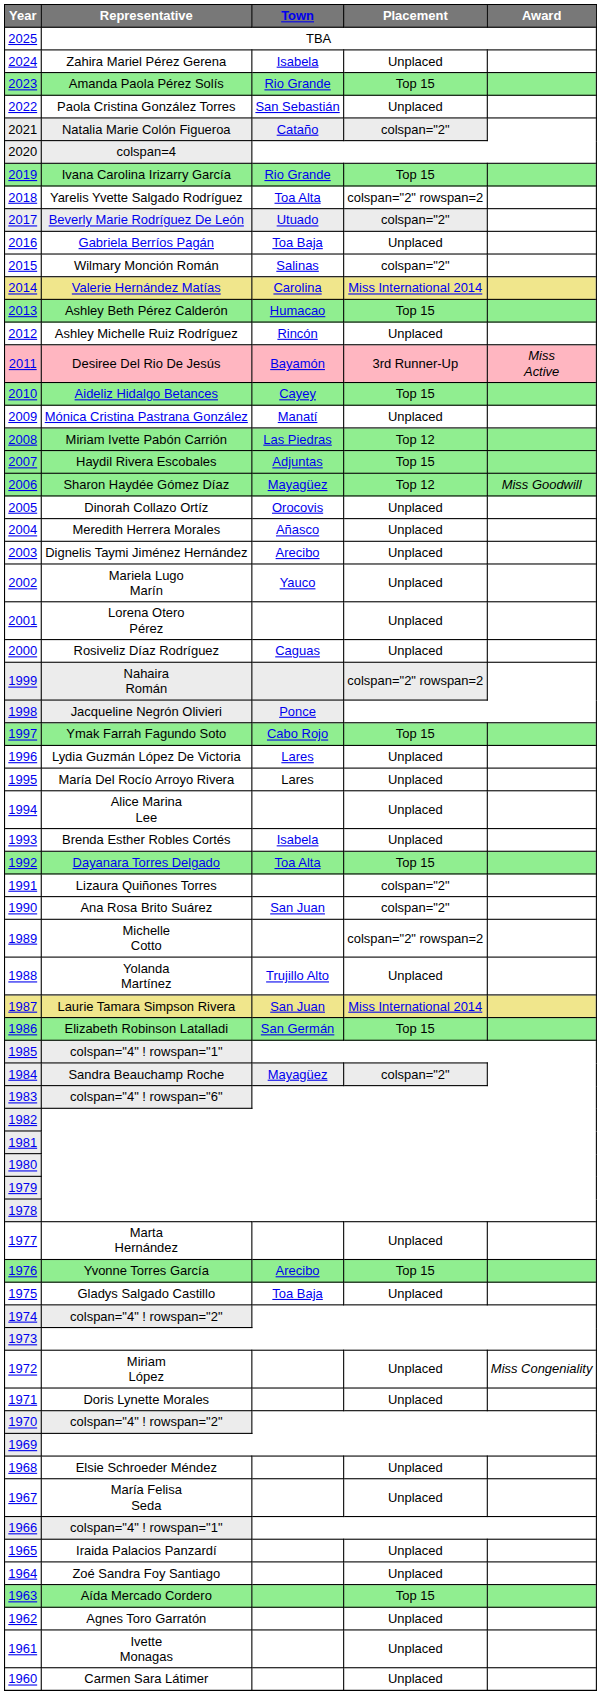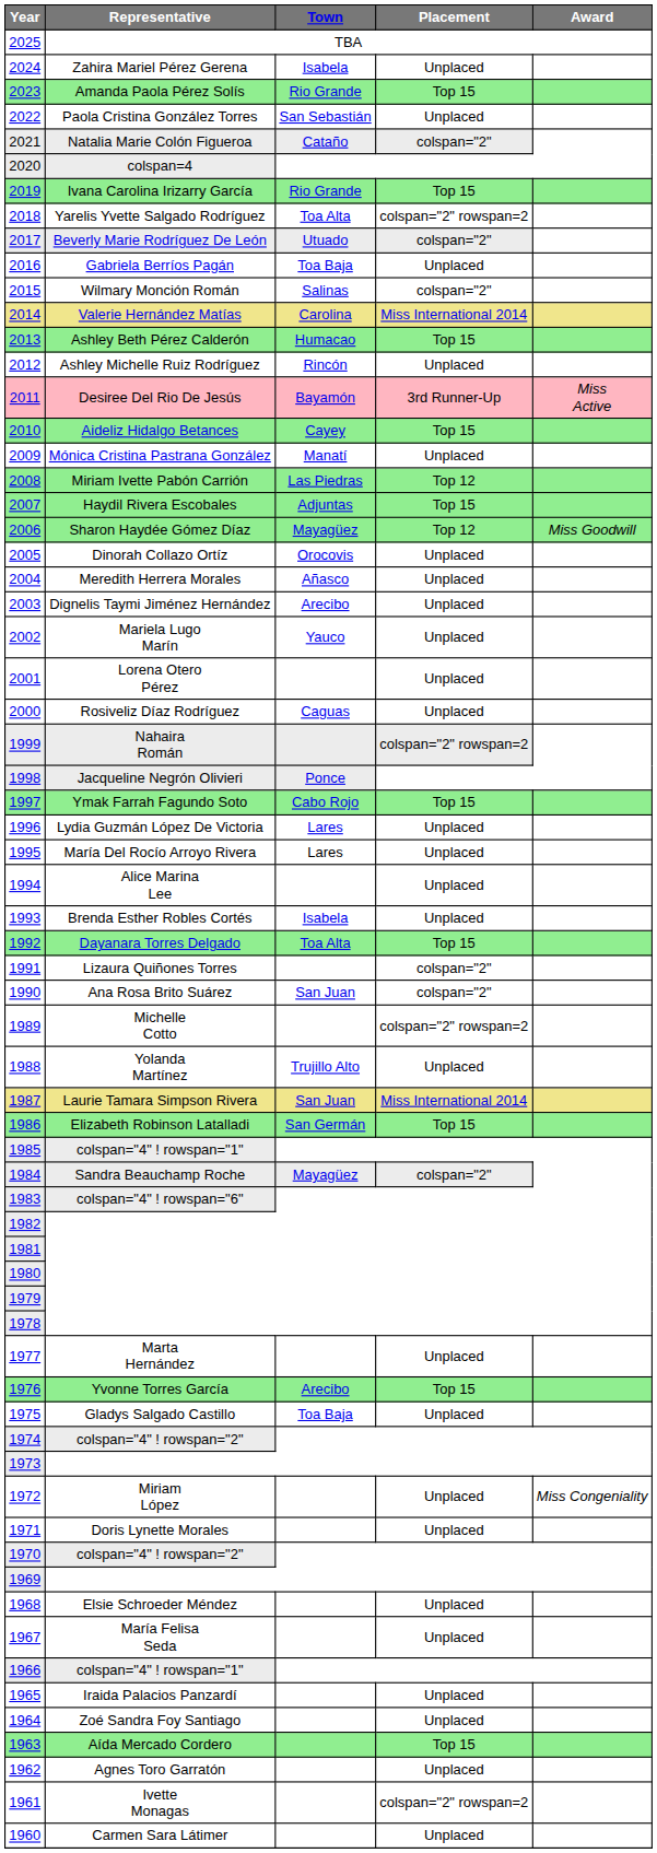 <table class="sortable wiki table" border="3" cellpadding="3" cellspacing="0" style="margin: 0 1em 0 0; background: white; border: 1px #000000 solid; border-collapse: collapse; font-size: 75%; text-align:center">
 <tr>
 <th style="background-color:#787878;color:#FFFFFF;">Year</th>
 <th style="background-color:#787878;color:#FFFFFF;">Representative</th>
 <th style="background-color:#787878;color:#FFFFFF;"><a href='#'>Town</a></th>
 <th style="background-color:#787878;color:#FFFFFF;">Placement</th>
 <th style="background-color:#787878;color:#FFFFFF;">Award</th>
 </tr>
 <tr>
 <td><a href='#'>2025</a></td>
 <td colspan= 4>TBA</td>
 </tr>
 <tr>
 <td><a href='#'>2024</a></td>
 <td>Zahira Mariel Pérez Gerena</td>
 <td><a href='#'>Isabela</a></td>
 <td>Unplaced</td>
 <td></td>
 </tr>
 <tr>
 <td style="background-color:#90EE90;"><a href='#'>2023</a></td>
 <td style="background-color:#90EE90;">Amanda Paola Pérez Solís</td>
 <td style="background-color:#90EE90;"><a href='#'>Rio Grande</a></td>
 <td style="background-color:#90EE90;">Top 15</td>
 <td style="background-color:#90EE90;"></td>
 </tr>
 <tr>
 <td><a href='#'>2022</a></td>
 <td>Paola Cristina González Torres</td>
 <td><a href='#'>San Sebastián</a></td>
 <td>Unplaced</td>
 <td></td>
 </tr>
 <tr style="background-color:#ececec;">
 <td>2021</td>
 <td>Natalia Marie Colón Figueroa</td>
 <td><a href='#'>Cataño</a></td>
 <td>colspan="2" </td>
 </tr>
 <tr style="background-color:#ececec;">
 <td>2020</td>
 <td>colspan=4 </td>
 </tr>
 <tr>
 <td style="background-color:#90EE90;"><a href='#'>2019</a></td>
 <td style="background-color:#90EE90;">Ivana Carolina Irizarry García</td>
 <td style="background-color:#90EE90;"><a href='#'>Rio Grande</a></td>
 <td style="background-color:#90EE90;">Top 15</td>
 <td style="background-color:#90EE90;"></td>
 </tr>
 <tr>
 <td><a href='#'>2018</a></td>
 <td>Yarelis Yvette Salgado Rodríguez</td>
 <td><a href='#'>Toa Alta</a></td>
 <td>colspan="2" rowspan=2 </td>
 <td></td>
 </tr>
 <tr style="background-color:#ececec;">
 <td><a href='#'>2017</a></td>
 <td><a href='#'>Beverly Marie Rodríguez De León</a></td>
 <td><a href='#'>Utuado</a></td>
 <td>colspan="2" </td>
 </tr>
 <tr>
 <td><a href='#'>2016</a></td>
 <td><a href='#'>Gabriela Berríos Pagán</a></td>
 <td><a href='#'>Toa Baja</a></td>
 <td>Unplaced</td>
 <td></td>
 </tr>
 <tr>
 <td><a href='#'>2015</a></td>
 <td>Wilmary Monción Román</td>
 <td><a href='#'>Salinas</a></td>
 <td>colspan="2" </td>
 <td></td>
 </tr>
 <tr>
 <td style="background-color:#F0E68C;"><a href='#'>2014</a></td>
 <td style="background-color:#F0E68C;"><a href='#'>Valerie Hernández Matías</a></td>
 <td style="background-color:#F0E68C;"><a href='#'>Carolina</a></td>
 <td style="background-color:#F0E68C;"><a href='#'>Miss International 2014</a></td>
 <td style="background-color:#F0E68C;"></td>
 </tr>
 <tr>
 <td style="background-color:#90EE90;"><a href='#'>2013</a></td>
 <td style="background-color:#90EE90;">Ashley Beth Pérez Calderón</td>
 <td style="background-color:#90EE90;"><a href='#'>Humacao</a></td>
 <td style="background-color:#90EE90;">Top 15</td>
 <td style="background-color:#90EE90;"></td>
 </tr>
 <tr>
 <td><a href='#'>2012</a></td>
 <td>Ashley Michelle Ruiz Rodríguez</td>
 <td><a href='#'>Rincón</a></td>
 <td>Unplaced</td>
 <td></td>
 </tr>
 <tr>
 <td style="background-color:#FFB6C1;"><a href='#'>2011</a></td>
 <td style="background-color:#FFB6C1;">Desiree Del Rio De Jesús</td>
 <td style="background-color:#FFB6C1;"><a href='#'>Bayamón</a></td>
 <td style="background-color:#FFB6C1;">3rd Runner-Up</td>
 <td style="background-color:#FFB6C1;"><em>Miss <br>Active</em></td>
 </tr>
 <tr>
 <td style="background-color:#90EE90;"><a href='#'>2010</a></td>
 <td style="background-color:#90EE90;"><a href='#'>Aideliz Hidalgo Betances</a></td>
 <td style="background-color:#90EE90;"><a href='#'>Cayey</a></td>
 <td style="background-color:#90EE90;">Top 15</td>
 <td style="background-color:#90EE90;"></td>
 </tr>
 <tr>
 <td><a href='#'>2009</a></td>
 <td><a href='#'>Mónica Cristina Pastrana González</a></td>
 <td><a href='#'>Manatí</a></td>
 <td>Unplaced</td>
 <td></td>
 </tr>
 <tr>
 <td style="background-color:#90EE90;"><a href='#'>2008</a></td>
 <td style="background-color:#90EE90;">Miriam Ivette Pabón Carrión</td>
 <td style="background-color:#90EE90;"><a href='#'>Las Piedras</a></td>
 <td style="background-color:#90EE90;">Top 12</td>
 <td style="background-color:#90EE90;"></td>
 </tr>
 <tr>
 <td style="background-color:#90EE90;"><a href='#'>2007</a></td>
 <td style="background-color:#90EE90;">Haydil Rivera Escobales</td>
 <td style="background-color:#90EE90;"><a href='#'>Adjuntas</a></td>
 <td style="background-color:#90EE90;">Top 15</td>
 <td style="background-color:#90EE90;"></td>
 </tr>
 <tr>
 <td style="background-color:#90EE90;"><a href='#'>2006</a></td>
 <td style="background-color:#90EE90;">Sharon Haydée Gómez Díaz</td>
 <td style="background-color:#90EE90;"><a href='#'>Mayagüez</a></td>
 <td style="background-color:#90EE90;">Top 12</td>
 <td style="background-color:#90EE90;"><em>Miss Goodwill</em></td>
 </tr>
 <tr>
 <td><a href='#'>2005</a></td>
 <td>Dinorah Collazo Ortíz</td>
 <td><a href='#'>Orocovis</a></td>
 <td>Unplaced</td>
 <td></td>
 </tr>
 <tr>
 <td><a href='#'>2004</a></td>
 <td>Meredith Herrera Morales</td>
 <td><a href='#'>Añasco</a></td>
 <td>Unplaced</td>
 <td></td>
 </tr>
 <tr>
 <td><a href='#'>2003</a></td>
 <td>Dignelis Taymi Jiménez Hernández</td>
 <td><a href='#'>Arecibo</a></td>
 <td>Unplaced</td>
 <td></td>
 </tr>
 <tr>
 <td><a href='#'>2002</a></td>
 <td>Mariela Lugo <br>Marín</td>
 <td><a href='#'>Yauco</a></td>
 <td>Unplaced</td>
 <td></td>
 </tr>
 <tr>
 <td><a href='#'>2001</a></td>
 <td>Lorena Otero <br>Pérez</td>
 <td></td>
 <td>Unplaced</td>
 <td></td>
 </tr>
 <tr>
 <td><a href='#'>2000</a></td>
 <td>Rosiveliz Díaz Rodríguez</td>
 <td><a href='#'>Caguas</a></td>
 <td>Unplaced</td>
 <td></td>
 </tr>
 <tr style="background-color:#ececec;">
 <td><a href='#'>1999</a></td>
 <td>Nahaira <br> Román</td>
 <td></td>
 <td>colspan="2" rowspan=2 </td>
 </tr>
 <tr style="background-color:#ececec;">
 <td><a href='#'>1998</a></td>
 <td>Jacqueline Negrón Olivieri</td>
 <td><a href='#'>Ponce</a></td>
 </tr>
 <tr>
 <td style="background-color:#90EE90;"><a href='#'>1997</a></td>
 <td style="background-color:#90EE90;">Ymak Farrah Fagundo Soto</td>
 <td style="background-color:#90EE90;"><a href='#'>Cabo Rojo</a></td>
 <td style="background-color:#90EE90;">Top 15</td>
 <td style="background-color:#90EE90;"></td>
 </tr>
 <tr>
 <td><a href='#'>1996</a></td>
 <td>Lydia Guzmán López De Victoria</td>
 <td><a href='#'>Lares</a></td>
 <td>Unplaced</td>
 <td></td>
 </tr>
 <tr>
 <td><a href='#'>1995</a></td>
 <td>María Del Rocío Arroyo Rivera</td>
 <td>Lares</td>
 <td>Unplaced</td>
 <td></td>
 </tr>
 <tr>
 <td><a href='#'>1994</a></td>
 <td>Alice Marina <br>Lee</td>
 <td></td>
 <td>Unplaced</td>
 <td></td>
 </tr>
 <tr>
 <td><a href='#'>1993</a></td>
 <td>Brenda Esther Robles Cortés</td>
 <td><a href='#'>Isabela</a></td>
 <td>Unplaced</td>
 <td></td>
 </tr>
 <tr>
 <td style="background-color:#90EE90;"><a href='#'>1992</a></td>
 <td style="background-color:#90EE90;"><a href='#'>Dayanara Torres Delgado</a></td>
 <td style="background-color:#90EE90;"><a href='#'>Toa Alta</a></td>
 <td style="background-color:#90EE90;">Top 15</td>
 <td style="background-color:#90EE90;"></td>
 </tr>
 <tr>
 <td><a href='#'>1991</a></td>
 <td>Lizaura Quiñones Torres</td>
 <td></td>
 <td>colspan="2" </td>
 <td></td>
 </tr>
 <tr>
 <td><a href='#'>1990</a></td>
 <td>Ana Rosa Brito Suárez</td>
 <td><a href='#'>San Juan</a></td>
 <td>colspan="2" </td>
 <td></td>
 </tr>
 <tr>
 <td><a href='#'>1989</a></td>
 <td>Michelle <br>Cotto</td>
 <td></td>
 <td>colspan="2" rowspan=2 </td>
 <td></td>
 </tr>
 <tr>
 <td><a href='#'>1988</a></td>
 <td>Yolanda <br>Martínez</td>
 <td><a href='#'>Trujillo Alto</a></td>
 <td>Unplaced</td>
 <td></td>
 </tr>
 <tr>
 <td style="background-color:#F0E68C;"><a href='#'>1987</a></td>
 <td style="background-color:#F0E68C;">Laurie Tamara Simpson Rivera</td>
 <td style="background-color:#F0E68C;"><a href='#'>San Juan</a></td>
 <td style="background-color:#F0E68C;"><a href='#'>Miss International 2014</a></td>
 <td style="background-color:#F0E68C;"></td>
 </tr>
 <tr>
 <td style="background-color:#90EE90;"><a href='#'>1986</a></td>
 <td style="background-color:#90EE90;">Elizabeth Robinson Latalladi</td>
 <td style="background-color:#90EE90;"><a href='#'>San Germán</a></td>
 <td style="background-color:#90EE90;">Top 15</td>
 <td style="background-color:#90EE90;"></td>
 </tr>
 <tr style="background-color:#ececec;">
 <td><a href='#'>1985</a></td>
 <td>colspan="4" ! rowspan="1" </td>
 </tr>
 <tr style="background-color:#ececec;">
 <td><a href='#'>1984</a></td>
 <td>Sandra Beauchamp Roche</td>
 <td><a href='#'>Mayagüez</a></td>
 <td>colspan="2" </td>
 </tr>
 <tr style="background-color:#ececec;">
 <td><a href='#'>1983</a></td>
 <td>colspan="4" ! rowspan="6" </td>
 </tr>
 <tr style="background-color:#ececec;">
 <td><a href='#'>1982</a></td>
 </tr>
 <tr style="background-color:#ececec;">
 <td><a href='#'>1981</a></td>
 </tr>
 <tr style="background-color:#ececec;">
 <td><a href='#'>1980</a></td>
 </tr>
 <tr style="background-color:#ececec;">
 <td><a href='#'>1979</a></td>
 </tr>
 <tr style="background-color:#ececec;">
 <td><a href='#'>1978</a></td>
 </tr>
 <tr>
 <td><a href='#'>1977</a></td>
 <td>Marta <br>Hernández</td>
 <td></td>
 <td>Unplaced</td>
 <td></td>
 </tr>
 <tr>
 <td style="background-color:#90EE90;"><a href='#'>1976</a></td>
 <td style="background-color:#90EE90;">Yvonne Torres García</td>
 <td style="background-color:#90EE90;"><a href='#'>Arecibo</a></td>
 <td style="background-color:#90EE90;">Top 15</td>
 <td style="background-color:#90EE90;"></td>
 </tr>
 <tr>
 <td><a href='#'>1975</a></td>
 <td>Gladys Salgado Castillo</td>
 <td><a href='#'>Toa Baja</a></td>
 <td>Unplaced</td>
 <td></td>
 </tr>
 <tr style="background-color:#ececec;">
 <td><a href='#'>1974</a></td>
 <td>colspan="4" ! rowspan="2" </td>
 </tr>
 <tr style="background-color:#ececec;">
 <td><a href='#'>1973</a></td>
 </tr>
 <tr>
 <td><a href='#'>1972</a></td>
 <td>Miriam <br>López</td>
 <td></td>
 <td>Unplaced</td>
 <td><em>Miss Congeniality</em></td>
 </tr>
 <tr>
 <td><a href='#'>1971</a></td>
 <td>Doris Lynette Morales</td>
 <td></td>
 <td>Unplaced</td>
 <td></td>
 </tr>
 <tr style="background-color:#ececec;">
 <td><a href='#'>1970</a></td>
 <td>colspan="4" ! rowspan="2" </td>
 </tr>
 <tr style="background-color:#ececec;">
 <td><a href='#'>1969</a></td>
 </tr>
 <tr>
 <td><a href='#'>1968</a></td>
 <td>Elsie Schroeder Méndez</td>
 <td></td>
 <td>Unplaced</td>
 <td></td>
 </tr>
 <tr>
 <td><a href='#'>1967</a></td>
 <td>María Felisa <br>Seda</td>
 <td></td>
 <td>Unplaced</td>
 <td></td>
 </tr>
 <tr style="background-color:#ececec;">
 <td><a href='#'>1966</a></td>
 <td>colspan="4" ! rowspan="1" </td>
 </tr>
 <tr>
 <td><a href='#'>1965</a></td>
 <td>Iraida Palacios Panzardí</td>
 <td></td>
 <td>Unplaced</td>
 <td></td>
 </tr>
 <tr>
 <td><a href='#'>1964</a></td>
 <td>Zoé Sandra Foy Santiago</td>
 <td></td>
 <td>Unplaced</td>
 <td></td>
 </tr>
 <tr>
 <td style="background-color:#90EE90;"><a href='#'>1963</a></td>
 <td style="background-color:#90EE90;">Aída Mercado Cordero</td>
 <td style="background-color:#90EE90;"></td>
 <td style="background-color:#90EE90;">Top 15</td>
 <td style="background-color:#90EE90;"></td>
 </tr>
 <tr>
 <td><a href='#'>1962</a></td>
 <td>Agnes Toro Garratón</td>
 <td></td>
 <td>Unplaced</td>
 <td></td>
 </tr>
 <tr>
 <td><a href='#'>1961</a></td>
 <td>Ivette <br>Monagas</td>
 <td></td>
-<td>Unplaced</td>
+<td>colspan="2" rowspan=2 </td>
 <td></td>
 </tr>
 <tr>
 <td><a href='#'>1960</a></td>
 <td>Carmen Sara Látimer</td>
 <td></td>
 <td>Unplaced</td>
 <td></td>
 </tr>
 <tr>
 </tr>
 </table>
